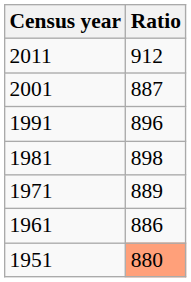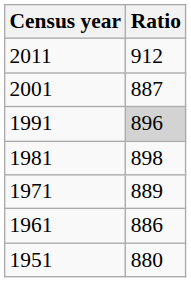 <table class="wikitable sortable">
 <tr>
 <th>Census year</th>
 <th>Ratio</th>
 </tr>
 <tr>
 <td>2011</td>
 <td>912</td>
 </tr>
 <tr>
 <td>2001</td>
 <td>887</td>
 </tr>
 <tr>
 <td>1991</td>
-<td>896</td>
+<td style="background: lightgrey;">896</td>
 </tr>
 <tr>
 <td>1981</td>
 <td>898</td>
 </tr>
 <tr>
 <td>1971</td>
 <td>889</td>
 </tr>
 <tr>
 <td>1961</td>
 <td>886</td>
 </tr>
 <tr>
 <td>1951</td>
-<td style="background: lightsalmon;">880</td>
+<td>880</td>
 </tr>
 </table>
